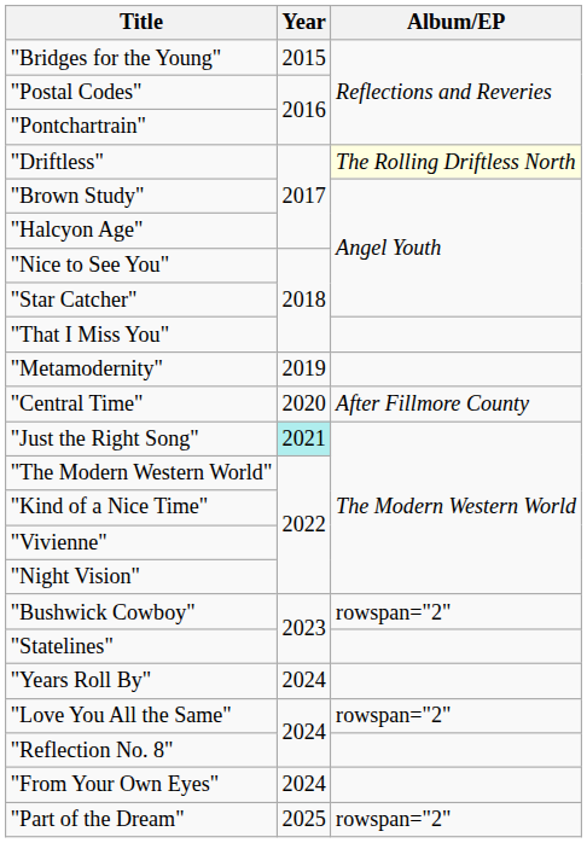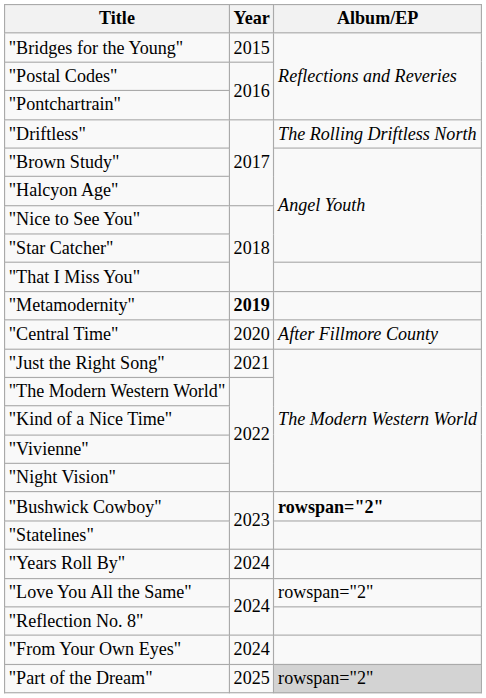 <table class="wikitable plainrowheaders" style="text-align:left;">
 <tr>
 <th>Title</th>
 <th>Year</th>
 <th>Album/EP</th>
 </tr>
 <tr>
 <td scope="row">"Bridges for the Young"</td>
 <td>2015</td>
 <td rowspan="3"><em>Reflections and Reveries</em></td>
 </tr>
 <tr>
 <td scope="row">"Postal Codes"</td>
 <td rowspan="2">2016</td>
 </tr>
 <tr>
 <td scope="row">"Pontchartrain"</td>
 </tr>
 <tr>
 <td scope="row">"Driftless"</td>
 <td rowspan="3">2017</td>
-<td style="background: lightyellow;"><em>The Rolling Driftless North</em></td>
+<td><em>The Rolling Driftless North</em></td>
 </tr>
 <tr>
 <td scope="row">"Brown Study"</td>
 <td rowspan="4"><em>Angel Youth</em></td>
 </tr>
 <tr>
 <td scope="row">"Halcyon Age"</td>
 </tr>
 <tr>
 <td scope="row">"Nice to See You"</td>
 <td rowspan="3">2018</td>
 </tr>
 <tr>
 <td scope="row">"Star Catcher"</td>
 </tr>
 <tr>
 <td scope="row">"That I Miss You"</td>
 <td></td>
 </tr>
 <tr>
 <td scope="row">"Metamodernity"</td>
-<td>2019</td>
+<td><strong>2019</strong></td>
 <td></td>
 </tr>
 <tr>
 <td scope="row">"Central Time"</td>
 <td>2020</td>
 <td><em>After Fillmore County</em></td>
 </tr>
 <tr>
 <td scope="row">"Just the Right Song"</td>
-<td style="background: paleturquoise;">2021</td>
+<td>2021</td>
 <td rowspan="5"><em>The Modern Western World</em></td>
 </tr>
 <tr>
 <td scope="row">"The Modern Western World"</td>
 <td rowspan="4">2022</td>
 </tr>
 <tr>
 <td scope="row">"Kind of a Nice Time"</td>
 </tr>
 <tr>
 <td scope="row">"Vivienne"</td>
 </tr>
 <tr>
 <td scope="row">"Night Vision"</td>
 </tr>
 <tr>
 <td>"Bushwick Cowboy"</td>
 <td rowspan="2">2023</td>
-<td>rowspan="2" </td>
+<td><strong>rowspan="2" </strong></td>
 </tr>
 <tr>
 <td>"Statelines"</td>
 </tr>
 <tr>
 <td scope="row">"Years Roll By"</td>
 <td>2024</td>
 <td></td>
 </tr>
 <tr>
 <td scope="row">"Love You All the Same"</td>
 <td rowspan="2">2024</td>
 <td>rowspan="2" </td>
 </tr>
 <tr>
 <td scope="row">"Reflection No. 8"</td>
 </tr>
 <tr>
 <td scope="row">"From Your Own Eyes"</td>
 <td>2024</td>
 <td></td>
 </tr>
 <tr>
 <td scope="row">"Part of the Dream"</td>
 <td rowspan="2">2025</td>
-<td>rowspan="2" </td>
+<td style="background: lightgrey;">rowspan="2" </td>
 </tr>
 </table>
